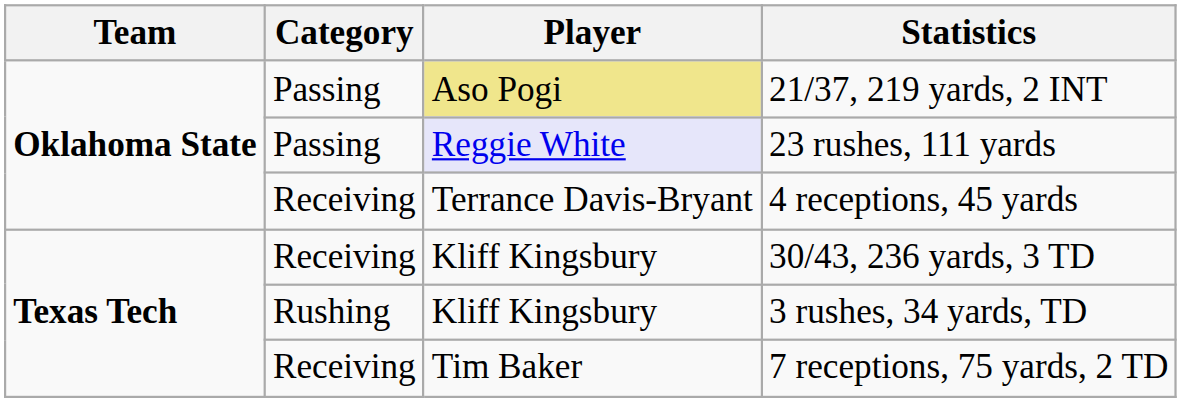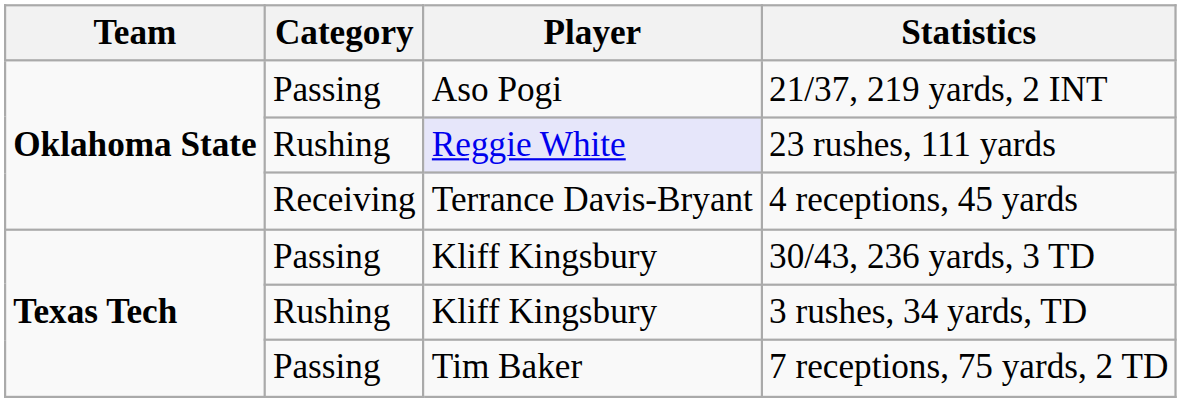 <table class="wikitable" style="float: left;">
 <tr>
 <th>Team</th>
 <th>Category</th>
 <th>Player</th>
 <th>Statistics</th>
 </tr>
 <tr>
 <td rowspan=3><strong>Oklahoma State</strong></td>
 <td>Passing</td>
-<td style="background: khaki;">Aso Pogi</td>
+<td>Aso Pogi</td>
 <td>21/37, 219 yards, 2 INT</td>
 </tr>
 <tr>
-<td>Passing</td>
+<td>Rushing</td>
 <td style="background: lavender;"><a href='#'>Reggie White</a></td>
 <td>23 rushes, 111 yards</td>
 </tr>
 <tr>
 <td>Receiving</td>
 <td>Terrance Davis-Bryant</td>
 <td>4 receptions, 45 yards</td>
 </tr>
 <tr>
 <td rowspan=3><strong>Texas Tech</strong></td>
-<td>Receiving</td>
+<td>Passing</td>
 <td>Kliff Kingsbury</td>
 <td>30/43, 236 yards, 3 TD</td>
 </tr>
 <tr>
 <td>Rushing</td>
 <td>Kliff Kingsbury</td>
 <td>3 rushes, 34 yards, TD</td>
 </tr>
 <tr>
-<td>Receiving</td>
+<td>Passing</td>
 <td>Tim Baker</td>
 <td>7 receptions, 75 yards, 2 TD</td>
 </tr>
 </table>
